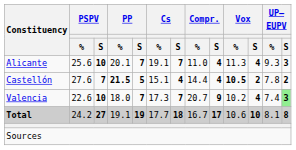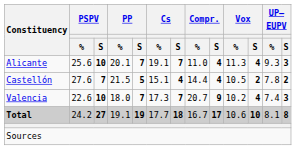 <table class="wikitable sortable" style="text-align:right; line-height:20px;">
 <tr>
 <th rowspan="3">Constituency</th>
 <th colspan="2" width="30px" class="unsortable"><a href='#'>PSPV</a></th>
 <th colspan="2" width="30px" class="unsortable"><a href='#'>PP</a></th>
 <th colspan="2" width="30px" class="unsortable"><a href='#'>Cs</a></th>
 <th colspan="2" width="30px" class="unsortable"><a href='#'>Compr.</a></th>
 <th colspan="2" width="30px" class="unsortable"><a href='#'>Vox</a></th>
 <th colspan="2" width="30px" class="unsortable"><a href='#'>UP–EUPV</a></th>
 </tr>
 <tr>
 <th colspan="2" style="background:"></th>
 <th colspan="2" style="background:"></th>
 <th colspan="2" style="background:"></th>
 <th colspan="2" style="background:"></th>
 <th colspan="2" style="background:"></th>
 <th colspan="2" style="background:"></th>
 </tr>
 <tr>
 <th data-sort-type="number">%</th>
 <th data-sort-type="number">S</th>
 <th data-sort-type="number">%</th>
 <th data-sort-type="number">S</th>
 <th data-sort-type="number">%</th>
 <th data-sort-type="number">S</th>
 <th data-sort-type="number">%</th>
 <th data-sort-type="number">S</th>
 <th data-sort-type="number">%</th>
 <th data-sort-type="number">S</th>
 <th data-sort-type="number">%</th>
 <th data-sort-type="number">S</th>
 </tr>
 <tr>
 <td align="left"><a href='#'>Alicante</a></td>
 <td style="background:">25.6</td>
 <td><strong>10</strong></td>
 <td>20.1</td>
 <td><strong>7</strong></td>
 <td>19.1</td>
 <td><strong>7</strong></td>
 <td>11.0</td>
 <td><strong>4</strong></td>
 <td>11.3</td>
 <td><strong>4</strong></td>
 <td>9.3</td>
 <td><strong>3</strong></td>
 </tr>
 <tr>
 <td align="left"><a href='#'>Castellón</a></td>
 <td style="background:">27.6</td>
 <td><strong>7</strong></td>
-<td><strong>21.5</strong></td>
+<td>21.5</td>
 <td><strong>5</strong></td>
 <td>15.1</td>
 <td><strong>4</strong></td>
 <td>14.4</td>
 <td><strong>4</strong></td>
-<td><strong>10.5</strong></td>
+<td>10.5</td>
 <td><strong>2</strong></td>
 <td>7.8</td>
 <td><strong>2</strong></td>
 </tr>
 <tr>
 <td align="left"><a href='#'>Valencia</a></td>
 <td style="background:">22.6</td>
 <td><strong>10</strong></td>
 <td>18.0</td>
 <td><strong>7</strong></td>
 <td>17.3</td>
 <td><strong>7</strong></td>
 <td>20.7</td>
 <td><strong>9</strong></td>
 <td>10.2</td>
 <td><strong>4</strong></td>
 <td>7.4</td>
-<td style="background: lightgreen;"><strong>3</strong></td>
+<td><strong>3</strong></td>
 </tr>
 <tr style="background:#CDCDCD;">
 <td align="left"><strong>Total</strong></td>
 <td style="background:">24.2</td>
 <td><strong>27</strong></td>
 <td>19.1</td>
 <td><strong>19</strong></td>
 <td>17.7</td>
 <td><strong>18</strong></td>
 <td>16.7</td>
 <td><strong>17</strong></td>
 <td>10.6</td>
 <td><strong>10</strong></td>
 <td>8.1</td>
 <td><strong>8</strong></td>
 </tr>
 <tr>
 <th colspan="13"></th>
 </tr>
 <tr>
 <th style="text-align:left; font-weight:normal; background:#F9F9F9" colspan="13">Sources</th>
 </tr>
 </table>
